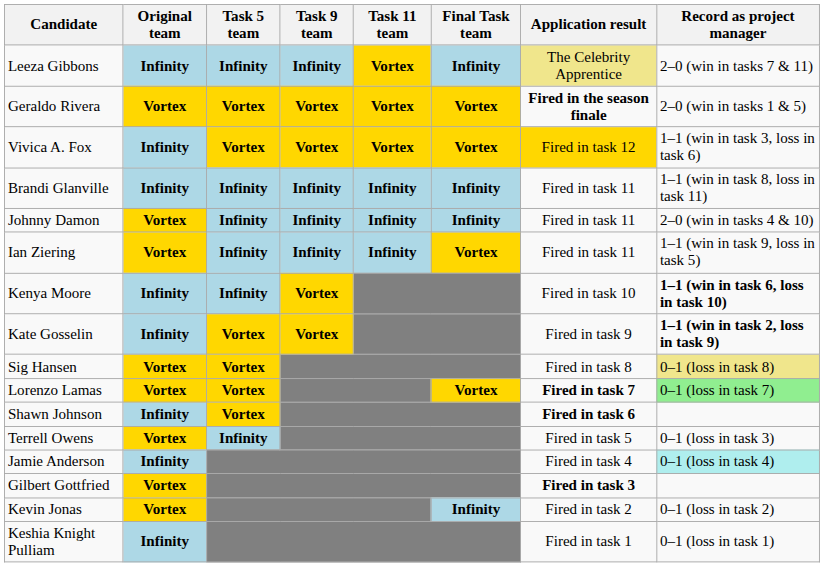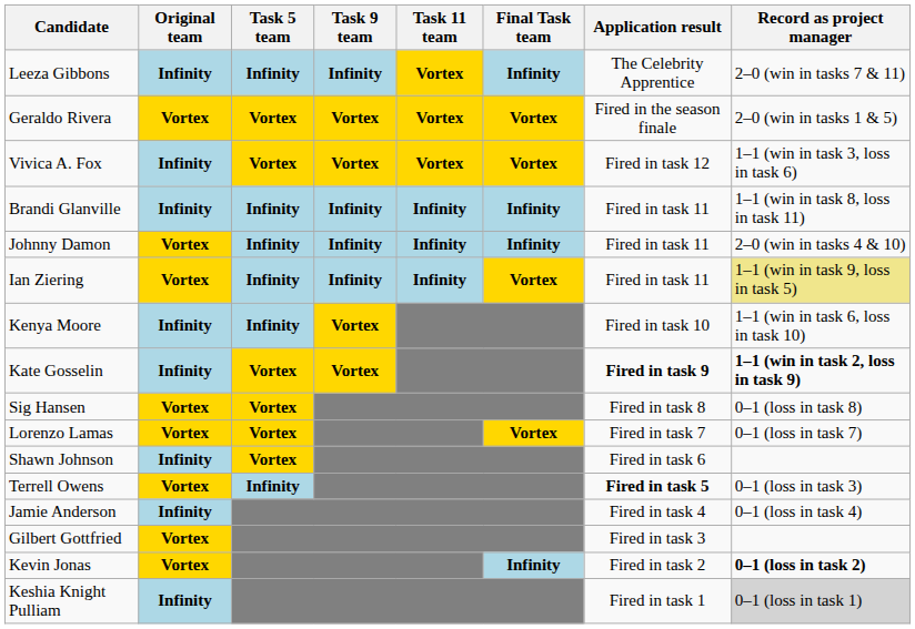 <table class="wikitable">
 <tr>
 <th bgcolor="gray">Candidate</th>
 <th bgcolor="gray">Original team</th>
 <th bgcolor="gray">Task 5 team</th>
 <th bgcolor="gray">Task 9 team</th>
 <th bgcolor="gray">Task 11 team</th>
 <th bgcolor="gray">Final Task team</th>
 <th bgcolor="gray">Application result</th>
 <th bgcolor="gray">Record as project manager</th>
 </tr>
 <tr>
 <td>Leeza Gibbons</td>
 <td style="text-align:center; background:lightblue;"><strong>Infinity</strong></td>
 <td style="text-align:center; background:lightblue;"><strong>Infinity</strong></td>
 <td style="text-align:center; background:lightblue;"><strong>Infinity</strong></td>
 <td style="text-align:center; background:gold;"><strong>Vortex</strong></td>
 <td style="text-align:center; background:lightblue;"><strong>Infinity</strong></td>
-<td style="background: khaki; text-align:center;">The Celebrity Apprentice</td>
+<td style="text-align:center;">The Celebrity Apprentice</td>
 <td>2–0 (win in tasks 7 & 11)</td>
 </tr>
 <tr>
 <td>Geraldo Rivera</td>
 <td style="text-align:center; background:gold;"><strong>Vortex</strong></td>
 <td style="text-align:center; background:gold;"><strong>Vortex</strong></td>
 <td style="text-align:center; background:gold;"><strong>Vortex</strong></td>
 <td style="text-align:center; background:gold;"><strong>Vortex</strong></td>
 <td style="text-align:center; background:gold;"><strong>Vortex</strong></td>
-<td style="text-align:center;"><strong>Fired in the season finale</strong></td>
+<td style="text-align:center;">Fired in the season finale</td>
 <td>2–0 (win in tasks 1 & 5)</td>
 </tr>
 <tr>
 <td>Vivica A. Fox</td>
 <td style="text-align:center; background:lightblue;"><strong>Infinity</strong></td>
 <td style="text-align:center; background:gold;"><strong>Vortex</strong></td>
 <td style="text-align:center; background:gold;"><strong>Vortex</strong></td>
 <td style="text-align:center; background:gold;"><strong>Vortex</strong></td>
 <td style="text-align:center; background:gold;"><strong>Vortex</strong></td>
-<td style="background: gold; text-align:center;">Fired in task 12</td>
+<td style="text-align:center;">Fired in task 12</td>
 <td>1–1 (win in task 3, loss in task 6)</td>
 </tr>
 <tr>
 <td>Brandi Glanville</td>
 <td style="text-align:center; background:lightblue;"><strong>Infinity</strong></td>
 <td style="text-align:center; background:lightblue;"><strong>Infinity</strong></td>
 <td style="text-align:center; background:lightblue;"><strong>Infinity</strong></td>
 <td style="text-align:center; background:lightblue;"><strong>Infinity</strong></td>
 <td style="text-align:center; background:lightblue;"><strong>Infinity</strong></td>
 <td style="text-align:center;">Fired in task 11</td>
 <td>1–1 (win in task 8, loss in task 11)</td>
 </tr>
 <tr>
 <td>Johnny Damon</td>
 <td style="text-align:center; background:gold;"><strong>Vortex</strong></td>
 <td style="text-align:center; background:lightblue;"><strong>Infinity</strong></td>
 <td style="text-align:center; background:lightblue;"><strong>Infinity</strong></td>
 <td style="text-align:center; background:lightblue;"><strong>Infinity</strong></td>
 <td style="text-align:center; background:lightblue;"><strong>Infinity</strong></td>
 <td style="text-align:center;">Fired in task 11</td>
 <td>2–0 (win in tasks 4 & 10)</td>
 </tr>
 <tr>
 <td>Ian Ziering</td>
 <td style="text-align:center; background:gold;"><strong>Vortex</strong></td>
 <td style="text-align:center; background:lightblue;"><strong>Infinity</strong></td>
 <td style="text-align:center; background:lightblue;"><strong>Infinity</strong></td>
 <td style="text-align:center; background:lightblue;"><strong>Infinity</strong></td>
 <td style="text-align:center; background:gold;"><strong>Vortex</strong></td>
 <td style="text-align:center;">Fired in task 11</td>
-<td>1–1 (win in task 9, loss in task 5)</td>
+<td style="background: khaki;">1–1 (win in task 9, loss in task 5)</td>
 </tr>
 <tr>
 <td>Kenya Moore</td>
 <td style="text-align:center; background:lightblue;"><strong>Infinity</strong></td>
 <td style="text-align:center; background:lightblue;"><strong>Infinity</strong></td>
 <td style="text-align:center; background:gold;"><strong>Vortex</strong></td>
 <td colspan="2" style="background:gray;"></td>
 <td style="text-align:center;">Fired in task 10</td>
-<td><strong>1–1 (win in task 6, loss in task 10)</strong></td>
+<td>1–1 (win in task 6, loss in task 10)</td>
 </tr>
 <tr>
 <td>Kate Gosselin</td>
 <td style="text-align:center; background:lightblue;"><strong>Infinity</strong></td>
 <td style="text-align:center; background:gold;"><strong>Vortex</strong></td>
 <td style="text-align:center; background:gold;"><strong>Vortex</strong></td>
 <td colspan="2" style="background:gray;"></td>
-<td style="text-align:center;">Fired in task 9</td>
+<td style="text-align:center;"><strong>Fired in task 9</strong></td>
 <td><strong>1–1 (win in task 2, loss in task 9)</strong></td>
 </tr>
 <tr>
 <td>Sig Hansen</td>
 <td style="text-align:center; background:gold;"><strong>Vortex</strong></td>
 <td style="text-align:center; background:gold;"><strong>Vortex</strong></td>
 <td colspan="3" style="background:gray;"></td>
 <td style="text-align:center;">Fired in task 8</td>
-<td style="background: khaki;">0–1 (loss in task 8)</td>
+<td>0–1 (loss in task 8)</td>
 </tr>
 <tr>
 <td>Lorenzo Lamas</td>
 <td style="text-align:center; background:gold;"><strong>Vortex</strong></td>
 <td style="text-align:center; background:gold;"><strong>Vortex</strong></td>
 <td colspan="2" style="background:gray;"></td>
 <td style="text-align:center; background:gold;"><strong>Vortex</strong></td>
-<td style="text-align:center;"><strong>Fired in task 7</strong></td>
-<td style="background: lightgreen;">0–1 (loss in task 7)</td>
+<td style="text-align:center;">Fired in task 7</td>
+<td>0–1 (loss in task 7)</td>
 </tr>
 <tr>
 <td>Shawn Johnson</td>
 <td style="text-align:center; background:lightblue;"><strong>Infinity</strong></td>
 <td style="text-align:center; background:gold;"><strong>Vortex</strong></td>
 <td colspan="3" style="background:gray;"></td>
-<td style="text-align:center;"><strong>Fired in task 6</strong></td>
+<td style="text-align:center;">Fired in task 6</td>
 <td></td>
 </tr>
 <tr>
 <td>Terrell Owens</td>
 <td style="text-align:center; background:gold;"><strong>Vortex</strong></td>
 <td style="text-align:center; background:lightblue;"><strong>Infinity</strong></td>
 <td colspan="3" style="background:gray;"></td>
-<td style="text-align:center;">Fired in task 5</td>
+<td style="text-align:center;"><strong>Fired in task 5</strong></td>
 <td>0–1 (loss in task 3)</td>
 </tr>
 <tr>
 <td>Jamie Anderson</td>
 <td style="text-align:center; background:lightblue;"><strong>Infinity</strong></td>
 <td colspan="4" style="background:gray;"></td>
 <td style="text-align:center;">Fired in task 4</td>
-<td style="background: paleturquoise;">0–1 (loss in task 4)</td>
+<td>0–1 (loss in task 4)</td>
 </tr>
 <tr>
 <td>Gilbert Gottfried</td>
 <td style="text-align:center; background:gold;"><strong>Vortex</strong></td>
 <td colspan="4" style="background:gray;"></td>
-<td style="text-align:center;"><strong>Fired in task 3</strong></td>
+<td style="text-align:center;">Fired in task 3</td>
 <td></td>
 </tr>
 <tr>
 <td>Kevin Jonas</td>
 <td style="text-align:center; background:gold;"><strong>Vortex</strong></td>
 <td colspan="3" style="background:gray;"></td>
 <td style="text-align:center; background:lightblue;"><strong>Infinity</strong></td>
 <td style="text-align:center;">Fired in task 2</td>
-<td>0–1 (loss in task 2)</td>
+<td><strong>0–1 (loss in task 2)</strong></td>
 </tr>
 <tr>
 <td>Keshia Knight Pulliam</td>
 <td style="text-align:center; background:lightblue;"><strong>Infinity</strong></td>
 <td colspan="4" style="background:gray;"></td>
 <td style="text-align:center;">Fired in task 1</td>
-<td>0–1 (loss in task 1)</td>
+<td style="background: lightgrey;">0–1 (loss in task 1)</td>
 </tr>
 </table>
